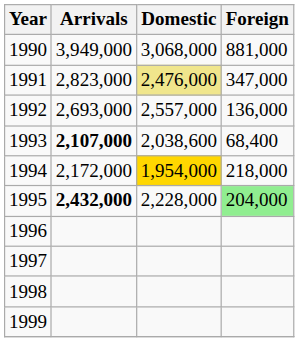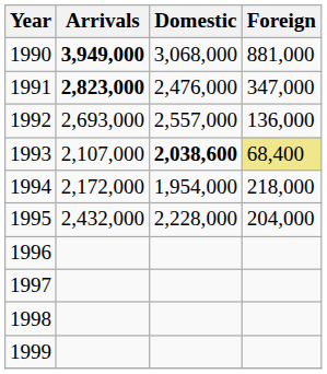 <table class="wikitable" style="display: inline-table;">
 <tr>
 <th>Year</th>
 <th>Arrivals</th>
 <th>Domestic</th>
 <th>Foreign</th>
 </tr>
 <tr ->
 <td>1990</td>
-<td>3,949,000</td>
+<td><strong>3,949,000</strong></td>
 <td>3,068,000</td>
 <td>881,000</td>
 </tr>
 <tr ->
 <td>1991</td>
-<td>2,823,000</td>
-<td style="background: khaki;">2,476,000</td>
+<td><strong>2,823,000</strong></td>
+<td>2,476,000</td>
 <td>347,000</td>
 </tr>
 <tr ->
 <td>1992</td>
 <td>2,693,000</td>
 <td>2,557,000</td>
 <td>136,000</td>
 </tr>
 <tr ->
 <td>1993</td>
-<td><strong>2,107,000</strong></td>
-<td>2,038,600</td>
-<td>68,400</td>
+<td>2,107,000</td>
+<td><strong>2,038,600</strong></td>
+<td style="background: khaki;">68,400</td>
 </tr>
 <tr ->
 <td>1994</td>
 <td>2,172,000</td>
-<td style="background: gold;">1,954,000</td>
+<td>1,954,000</td>
 <td>218,000</td>
 </tr>
 <tr ->
 <td>1995</td>
-<td><strong>2,432,000</strong></td>
+<td>2,432,000</td>
 <td>2,228,000</td>
-<td style="background: lightgreen;">204,000</td>
+<td>204,000</td>
 </tr>
 <tr ->
 <td>1996</td>
 <td></td>
 <td></td>
 <td></td>
 </tr>
 <tr ->
 <td>1997</td>
 <td></td>
 <td></td>
 <td></td>
 </tr>
 <tr ->
 <td>1998</td>
 <td></td>
 <td></td>
 <td></td>
 </tr>
 <tr ->
 <td>1999</td>
 <td></td>
 <td></td>
 <td></td>
 </tr>
 <tr ->
 </tr>
 </table>
